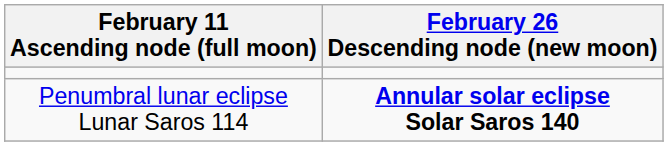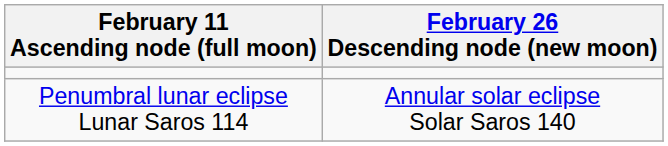 <table class="wikitable">
 <tr>
 <th>February 11<br>Ascending node (full moon)<br></th>
 <th><a href='#'>February 26</a><br>Descending node (new moon)<br></th>
 </tr>
 <tr>
 <td></td>
 <td></td>
 </tr>
 <tr align=center>
 <td><a href='#'>Penumbral lunar eclipse</a><br>Lunar Saros 114</td>
-<td><strong><a href='#'>Annular solar eclipse</a><br>Solar Saros 140</strong></td>
+<td><a href='#'>Annular solar eclipse</a><br>Solar Saros 140</td>
 </tr>
 </table>
